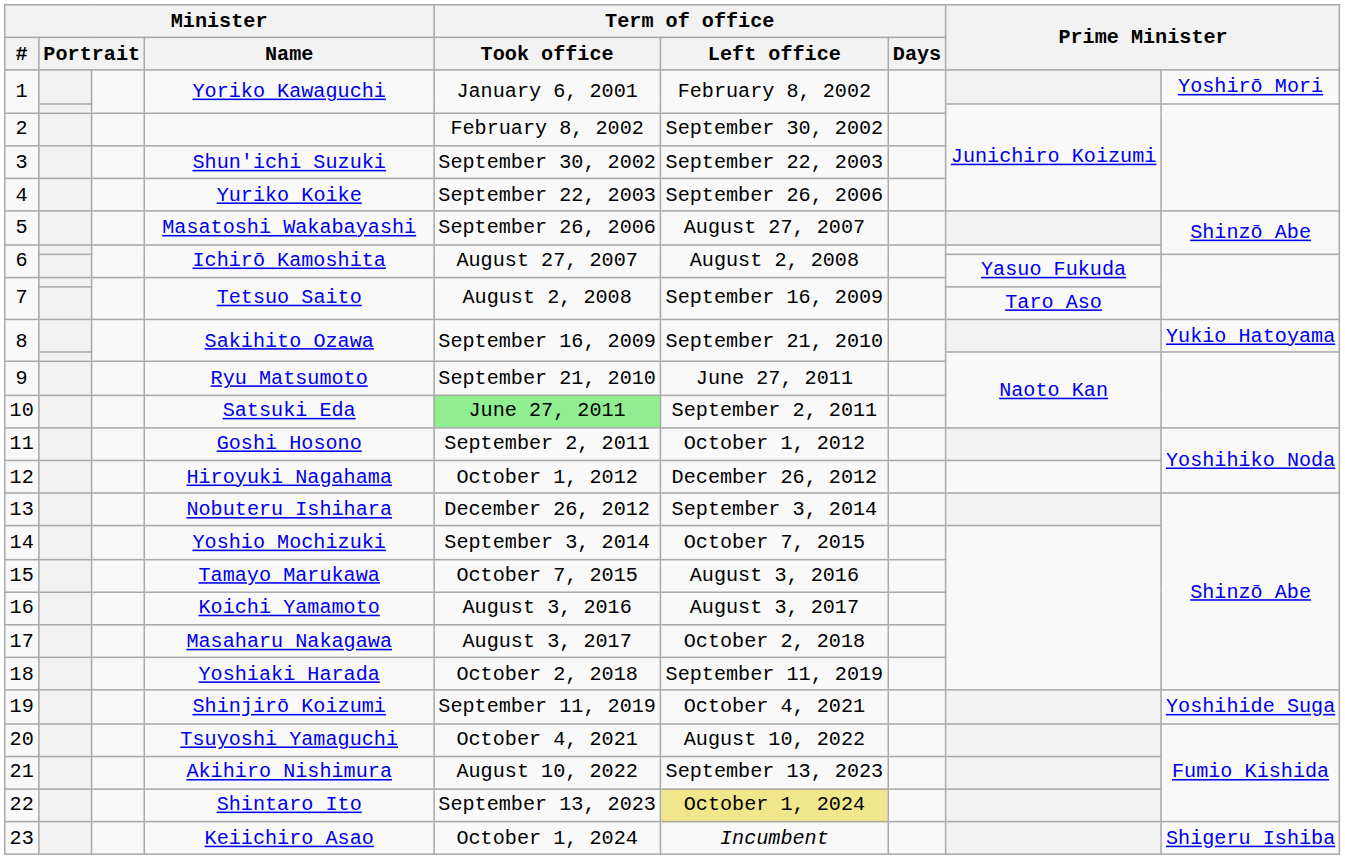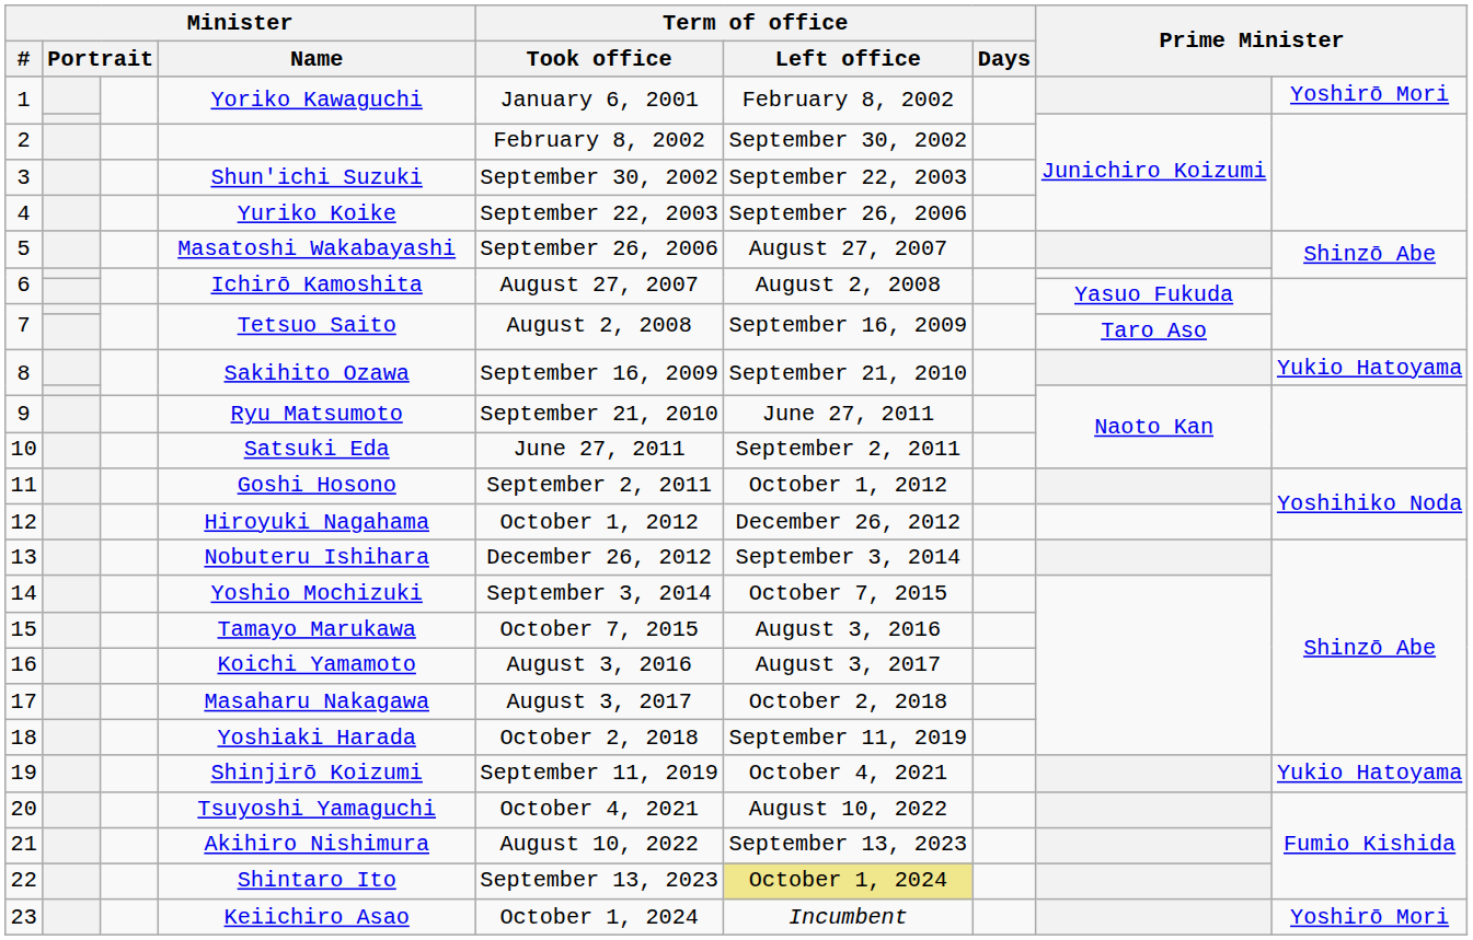 <table class="wikitable"  style="text-align:center">
 <tr>
 <th colspan=4>Minister</th>
 <th colspan=3>Term of office</th>
 <th style="width:160px;" rowspan=2 colspan=2>Prime Minister</th>
 </tr>
 <tr>
 <th>#</th>
 <th colspan=2>Portrait</th>
 <th width=180px>Name</th>
 <th>Took office</th>
 <th>Left office</th>
 <th>Days</th>
 </tr>
 <tr>
 <td rowspan=2>1</td>
 <th style="background-color: "></th>
 <td rowspan=2></td>
 <td rowspan=2><a href='#'>Yoriko Kawaguchi</a></td>
 <td rowspan=2>January 6, 2001</td>
 <td rowspan=2>February 8, 2002</td>
 <td rowspan=2></td>
 <th style="background-color: "></th>
 <td><a href='#'>Yoshirō Mori</a></td>
 </tr>
 <tr>
 <th style="background-color: "></th>
 <td rowspan=4><a href='#'>Junichiro Koizumi</a></td>
 </tr>
 <tr>
 <td>2</td>
 <th style="background-color: "></th>
 <td></td>
 <td></td>
 <td>February 8, 2002</td>
 <td>September 30, 2002</td>
 <td></td>
 </tr>
 <tr>
 <td>3</td>
 <th style="background-color: "></th>
 <td></td>
 <td><a href='#'>Shun'ichi Suzuki</a></td>
 <td>September 30, 2002</td>
 <td>September 22, 2003</td>
 <td></td>
 </tr>
 <tr>
 <td>4</td>
 <th style="background-color: "></th>
 <td></td>
 <td><a href='#'>Yuriko Koike</a></td>
 <td>September 22, 2003</td>
 <td>September 26, 2006</td>
 <td></td>
 </tr>
 <tr>
 <td>5</td>
 <th style="background-color: "></th>
 <td></td>
 <td><a href='#'>Masatoshi Wakabayashi</a></td>
 <td>September 26, 2006</td>
 <td>August 27, 2007</td>
 <td></td>
 <th style="background-color: "></th>
 <td rowspan=2><a href='#'>Shinzō Abe</a></td>
 </tr>
 <tr>
 <td rowspan=2>6</td>
 <th style="background-color: "></th>
 <td rowspan=2></td>
 <td rowspan=2><a href='#'>Ichirō Kamoshita</a></td>
 <td rowspan=2>August 27, 2007</td>
 <td rowspan=2>August 2, 2008</td>
 <td rowspan=2></td>
 </tr>
 <tr>
 <th style="background-color: "></th>
 <td rowspan=2><a href='#'>Yasuo Fukuda</a></td>
 </tr>
 <tr>
 <td rowspan=2>7</td>
 <th style="background-color: "></th>
 <td rowspan=2></td>
 <td rowspan=2><a href='#'>Tetsuo Saito</a></td>
 <td rowspan=2>August 2, 2008</td>
 <td rowspan=2>September 16, 2009</td>
 <td rowspan=2></td>
 </tr>
 <tr>
 <th style="background-color: "></th>
 <td><a href='#'>Taro Aso</a></td>
 </tr>
 <tr>
 <td rowspan=2>8</td>
 <th style="background-color: "></th>
 <td rowspan=2></td>
 <td rowspan=2><a href='#'>Sakihito Ozawa</a></td>
 <td rowspan=2>September 16, 2009</td>
 <td rowspan=2>September 21, 2010</td>
 <td rowspan=2></td>
 <th style="background-color: "></th>
 <td><a href='#'>Yukio Hatoyama</a></td>
 </tr>
 <tr>
 <th style="background-color: "></th>
 <td rowspan=3><a href='#'>Naoto Kan</a></td>
 </tr>
 <tr>
 <td>9</td>
 <th style="background-color: "></th>
 <td></td>
 <td><a href='#'>Ryu Matsumoto</a></td>
 <td>September 21, 2010</td>
 <td>June 27, 2011</td>
 <td></td>
 </tr>
 <tr>
 <td>10</td>
 <th style="background-color: "></th>
 <td></td>
 <td><a href='#'>Satsuki Eda</a></td>
-<td style="background: lightgreen;">June 27, 2011</td>
+<td>June 27, 2011</td>
 <td>September 2, 2011</td>
 <td></td>
 </tr>
 <tr>
 <td>11</td>
 <th style="background-color: "></th>
 <td></td>
 <td><a href='#'>Goshi Hosono</a></td>
 <td>September 2, 2011</td>
 <td>October 1, 2012</td>
 <td></td>
 <th style="background-color: "></th>
 <td rowspan=2><a href='#'>Yoshihiko Noda</a></td>
 </tr>
 <tr>
 <td>12</td>
 <th style="background-color: "></th>
 <td></td>
 <td><a href='#'>Hiroyuki Nagahama</a></td>
 <td>October 1, 2012</td>
 <td>December 26, 2012</td>
 <td></td>
 </tr>
 <tr>
 <td>13</td>
 <th style="background-color: "></th>
 <td></td>
 <td><a href='#'>Nobuteru Ishihara</a></td>
 <td>December 26, 2012</td>
 <td>September 3, 2014</td>
 <td></td>
 <th style="background-color: "></th>
 <td rowspan=6><a href='#'>Shinzō Abe</a></td>
 </tr>
 <tr>
 <td>14</td>
 <th style="background-color: "></th>
 <td></td>
 <td><a href='#'>Yoshio Mochizuki</a></td>
 <td>September 3, 2014</td>
 <td>October 7, 2015</td>
 <td></td>
 </tr>
 <tr>
 <td>15</td>
 <th style="background-color: "></th>
 <td></td>
 <td><a href='#'>Tamayo Marukawa</a></td>
 <td>October 7, 2015</td>
 <td>August 3, 2016</td>
 <td></td>
 </tr>
 <tr>
 <td>16</td>
 <th style="background-color: "></th>
 <td></td>
 <td><a href='#'>Koichi Yamamoto</a></td>
 <td>August 3, 2016</td>
 <td>August 3, 2017</td>
 <td></td>
 </tr>
 <tr>
 <td>17</td>
 <th style="background-color: "></th>
 <td></td>
 <td><a href='#'>Masaharu Nakagawa</a></td>
 <td>August 3, 2017</td>
 <td>October 2, 2018</td>
 <td></td>
 </tr>
 <tr>
 <td>18</td>
 <th style="background-color: "></th>
 <td></td>
 <td><a href='#'>Yoshiaki Harada</a></td>
 <td>October 2, 2018</td>
 <td>September 11, 2019</td>
 <td></td>
 </tr>
 <tr>
 <td>19</td>
 <th style="background-color: "></th>
 <td></td>
 <td><a href='#'>Shinjirō Koizumi</a></td>
 <td>September 11, 2019</td>
 <td>October 4, 2021</td>
 <td></td>
 <th style="background-color: "></th>
-<td><a href='#'>Yoshihide Suga</a></td>
+<td><a href='#'>Yukio Hatoyama</a></td>
 </tr>
 <tr>
 <td>20</td>
 <th style="background-color: "></th>
 <td></td>
 <td><a href='#'>Tsuyoshi Yamaguchi</a></td>
 <td>October 4, 2021</td>
 <td>August 10, 2022</td>
 <td></td>
 <th style="background-color: "></th>
 <td rowspan=3><a href='#'>Fumio Kishida</a></td>
 </tr>
 <tr>
 <td>21</td>
 <th style="background-color: "></th>
 <td></td>
 <td><a href='#'>Akihiro Nishimura</a></td>
 <td>August 10, 2022</td>
 <td>September 13, 2023</td>
 <td></td>
 <th style="background-color: "></th>
 </tr>
 <tr>
 <td>22</td>
 <th style="background-color: "></th>
 <td></td>
 <td><a href='#'>Shintaro Ito</a></td>
 <td>September 13, 2023</td>
 <td style="background: khaki;">October 1, 2024</td>
 <td></td>
 <th style="background-color: "></th>
 </tr>
 <tr>
 <td>23</td>
 <th style="background-color: "></th>
 <td></td>
 <td><a href='#'>Keiichiro Asao</a></td>
 <td>October 1, 2024</td>
 <td><em>Incumbent</em></td>
 <td></td>
 <th style="background-color: "></th>
-<td><a href='#'>Shigeru Ishiba</a></td>
+<td><a href='#'>Yoshirō Mori</a></td>
 </tr>
 </table>
